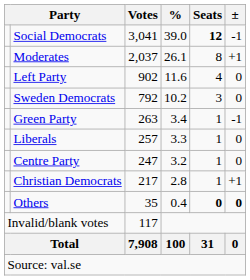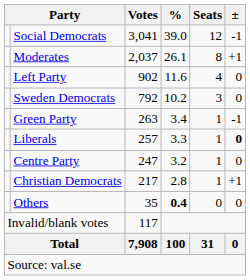 <table class=wikitable style=text-align:right>
 <tr>
 <th colspan=2>Party</th>
 <th>Votes</th>
 <th>%</th>
 <th>Seats</th>
 <th>±</th>
 </tr>
 <tr>
 <td bgcolor=></td>
 <td align=left><a href='#'>Social Democrats</a></td>
 <td>3,041</td>
 <td>39.0</td>
-<td><strong>12</strong></td>
+<td>12</td>
 <td>-1</td>
 </tr>
 <tr>
 <td bgcolor=></td>
 <td align=left><a href='#'>Moderates</a></td>
 <td>2,037</td>
 <td>26.1</td>
 <td>8</td>
 <td>+1</td>
 </tr>
 <tr>
 <td bgcolor=></td>
 <td align=left><a href='#'>Left Party</a></td>
 <td>902</td>
 <td>11.6</td>
 <td>4</td>
 <td>0</td>
 </tr>
 <tr>
 <td bgcolor=></td>
 <td align=left><a href='#'>Sweden Democrats</a></td>
 <td>792</td>
 <td>10.2</td>
 <td>3</td>
 <td>0</td>
 </tr>
 <tr>
 <td bgcolor=></td>
 <td align=left><a href='#'>Green Party</a></td>
 <td>263</td>
 <td>3.4</td>
 <td>1</td>
 <td>-1</td>
 </tr>
 <tr>
 <td bgcolor=></td>
 <td align=left><a href='#'>Liberals</a></td>
 <td>257</td>
 <td>3.3</td>
 <td>1</td>
-<td>0</td>
+<td><strong>0</strong></td>
 </tr>
 <tr>
 <td bgcolor=></td>
 <td align=left><a href='#'>Centre Party</a></td>
 <td>247</td>
 <td>3.2</td>
 <td>1</td>
 <td>0</td>
 </tr>
 <tr>
 <td bgcolor=></td>
 <td align=left><a href='#'>Christian Democrats</a></td>
 <td>217</td>
 <td>2.8</td>
 <td>1</td>
 <td>+1</td>
 </tr>
 <tr>
 <td></td>
 <td align=left><a href='#'>Others</a></td>
 <td>35</td>
-<td>0.4</td>
-<td><strong>0</strong></td>
-<td><strong>0</strong></td>
+<td><strong>0.4</strong></td>
+<td>0</td>
+<td>0</td>
 </tr>
 <tr>
 <td align=left colspan=2>Invalid/blank votes</td>
 <td>117</td>
 <td colspan=3></td>
 </tr>
 <tr>
 <th align=left colspan=2>Total</th>
 <th>7,908</th>
 <th>100</th>
 <th>31</th>
 <th>0</th>
 </tr>
 <tr>
 <td align=left colspan=6>Source: val.se </td>
 </tr>
 </table>
